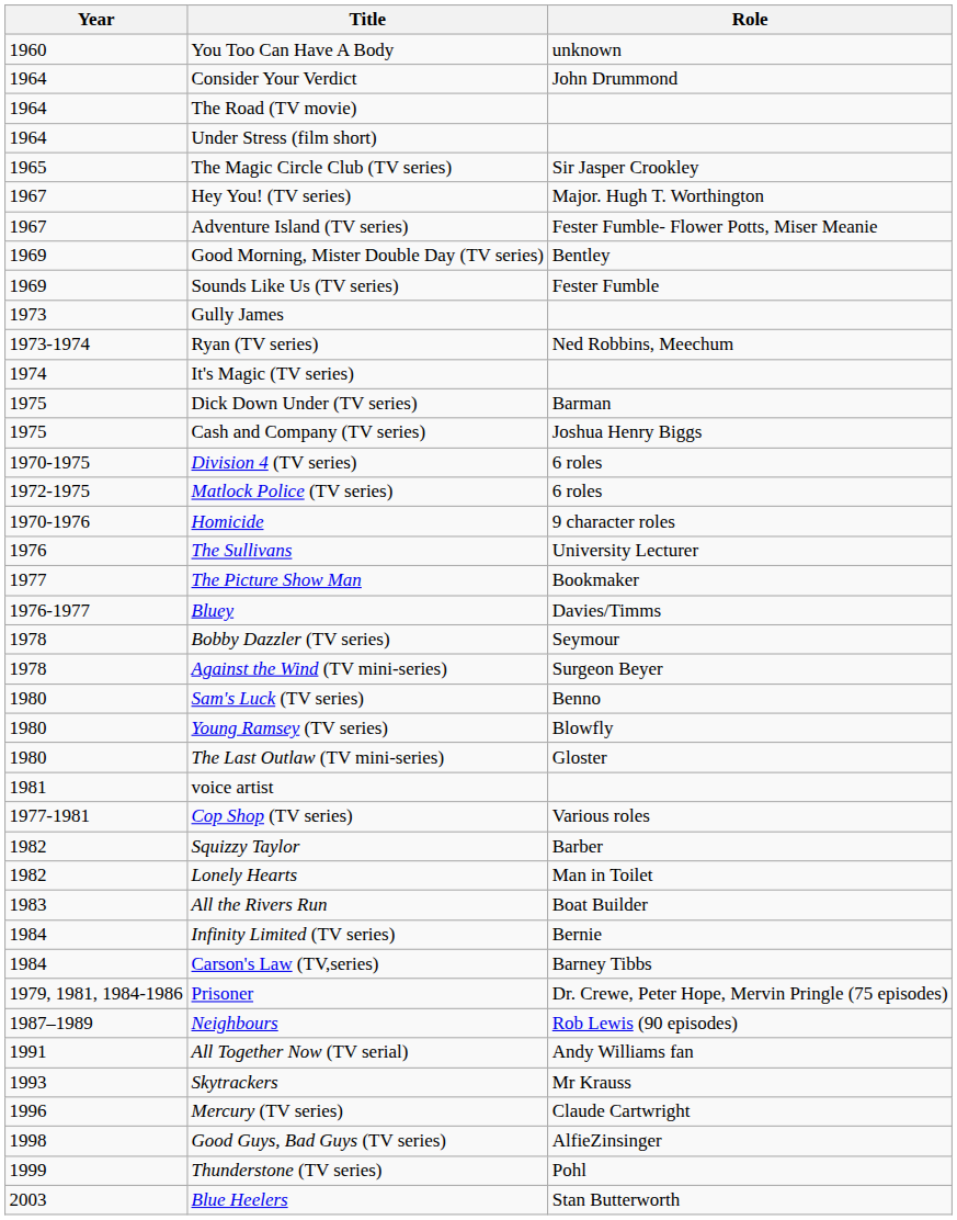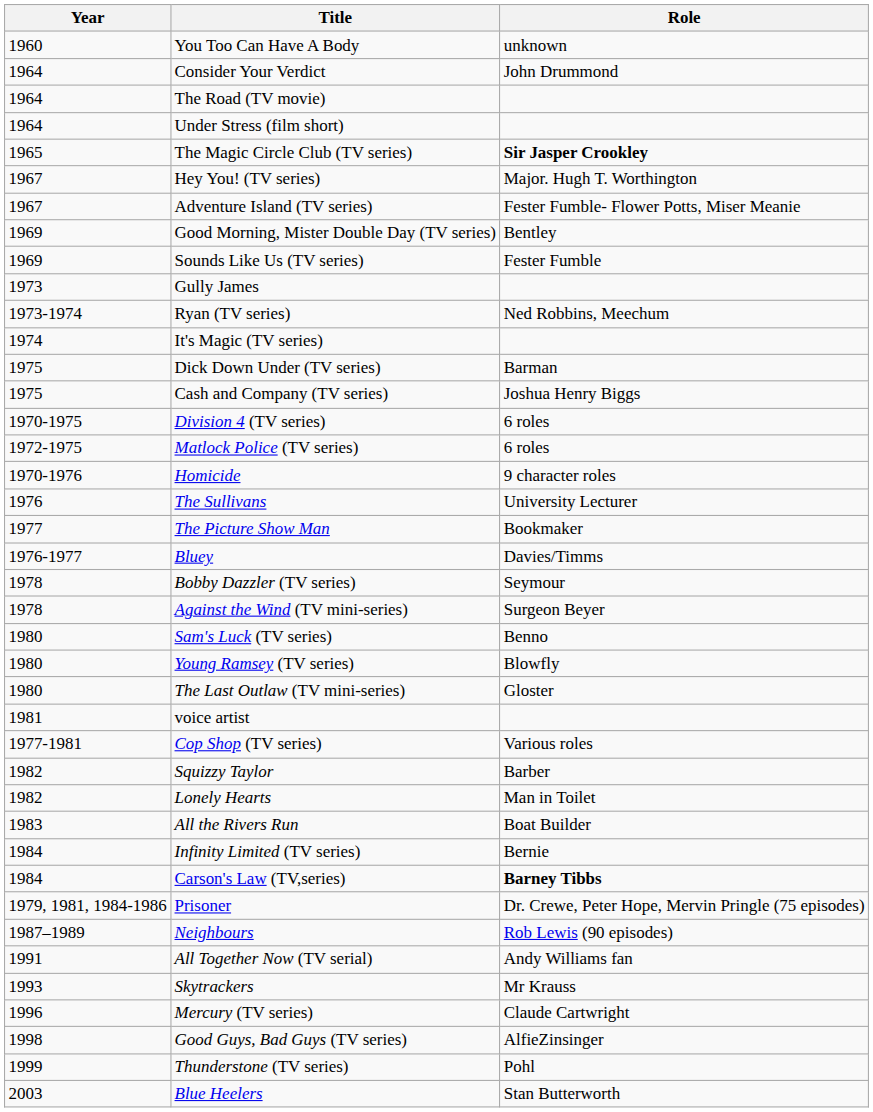 <table class="wikitable">
 <tr>
 <th>Year</th>
 <th>Title</th>
 <th>Role</th>
 </tr>
 <tr>
 <td>1960</td>
 <td>You Too Can Have A Body</td>
 <td>unknown</td>
 </tr>
 <tr>
 <td>1964</td>
 <td>Consider Your Verdict</td>
 <td>John Drummond</td>
 </tr>
 <tr>
 <td>1964</td>
 <td>The Road (TV movie)</td>
 <td></td>
 </tr>
 <tr>
 <td>1964</td>
 <td>Under Stress (film short)</td>
 <td></td>
 </tr>
 <tr>
 <td>1965</td>
 <td>The Magic Circle Club (TV series)</td>
-<td>Sir Jasper Crookley</td>
+<td><strong>Sir Jasper Crookley</strong></td>
 </tr>
 <tr>
 <td>1967</td>
 <td>Hey You! (TV series)</td>
 <td>Major. Hugh T. Worthington</td>
 </tr>
 <tr>
 <td>1967</td>
 <td>Adventure Island (TV series)</td>
 <td>Fester Fumble- Flower Potts, Miser Meanie</td>
 </tr>
 <tr>
 <td>1969</td>
 <td>Good Morning, Mister Double Day (TV series)</td>
 <td>Bentley</td>
 </tr>
 <tr>
 <td>1969</td>
 <td>Sounds Like Us (TV series)</td>
 <td>Fester Fumble</td>
 </tr>
 <tr>
 <td>1973</td>
 <td A Taste for Blue Ribbons  (TV series)>Gully James</td>
 </tr>
 <tr>
 <td>1973-1974</td>
 <td>Ryan (TV series)</td>
 <td>Ned Robbins, Meechum</td>
 </tr>
 <tr>
 <td>1974</td>
 <td>It's Magic (TV series)</td>
 <td></td>
 </tr>
 <tr>
 <td>1975</td>
 <td>Dick Down Under (TV series)</td>
 <td>Barman</td>
 </tr>
 <tr>
 <td>1975</td>
 <td>Cash and Company (TV series)</td>
 <td>Joshua Henry Biggs</td>
 </tr>
 <tr>
 <td>1970-1975</td>
 <td><em><a href='#'>Division  4</a></em> (TV series)</td>
 <td>6 roles </td>
 </tr>
 <tr>
 <td>1972-1975</td>
 <td><em><a href='#'>Matlock Police</a></em> (TV series)</td>
 <td>6 roles </td>
 </tr>
 <tr>
 <td>1970-1976</td>
 <td><em><a href='#'>Homicide</a></em></td>
 <td>9 character roles </td>
 </tr>
 <tr>
 <td>1976</td>
 <td><em><a href='#'>The Sullivans</a></em></td>
 <td>University Lecturer</td>
 </tr>
 <tr>
 <td>1977</td>
 <td><em><a href='#'>The Picture Show Man</a></em></td>
 <td>Bookmaker</td>
 </tr>
 <tr>
 <td>1976-1977</td>
 <td><em><a href='#'>Bluey</a></em></td>
 <td>Davies/Timms</td>
 </tr>
 <tr>
 <td>1978</td>
 <td><em>Bobby Dazzler</em> (TV series)</td>
 <td>Seymour</td>
 </tr>
 <tr>
 <td>1978</td>
 <td><em><a href='#'>Against the Wind</a></em> (TV mini-series)</td>
 <td>Surgeon Beyer</td>
 </tr>
 <tr>
 <td>1980</td>
 <td><em><a href='#'>Sam's Luck</a></em> (TV series)</td>
 <td>Benno</td>
 </tr>
 <tr>
 <td>1980</td>
 <td><em><a href='#'>Young Ramsey</a></em> (TV series)</td>
 <td>Blowfly</td>
 </tr>
 <tr>
 <td>1980</td>
 <td><em>The Last Outlaw</em> (TV mini-series)</td>
 <td>Gloster</td>
 </tr>
 <tr>
 <td>1981</td>
 <td>voice artist</td>
 </tr>
 <tr>
 <td>1977-1981</td>
 <td><em><a href='#'>Cop Shop</a></em> (TV series)</td>
 <td>Various roles</td>
 </tr>
 <tr>
 <td>1982</td>
 <td><em>Squizzy Taylor</em></td>
 <td>Barber</td>
 </tr>
 <tr>
 <td>1982</td>
 <td><em>Lonely Hearts</em></td>
 <td>Man in Toilet</td>
 </tr>
 <tr>
 <td>1983</td>
 <td><em>All the Rivers Run</em></td>
 <td>Boat Builder</td>
 </tr>
 <tr>
 <td>1984</td>
 <td><em>Infinity Limited</em> (TV series)</td>
 <td>Bernie</td>
 </tr>
 <tr>
 <td>1984</td>
 <td><a href='#'>Carson's Law</a> (TV,series)</td>
-<td>Barney Tibbs</td>
+<td><strong>Barney Tibbs</strong></td>
 </tr>
 <tr>
 <td>1979, 1981, 1984-1986</td>
 <td><a href='#'>Prisoner</a></td>
 <td>Dr. Crewe, Peter Hope, Mervin Pringle (75 episodes)</td>
 </tr>
 <tr>
 <td>1987–1989</td>
 <td><em><a href='#'>Neighbours</a></em></td>
 <td><a href='#'>Rob Lewis</a> (90 episodes)</td>
 </tr>
 <tr>
 <td>1991</td>
 <td><em>All Together Now</em> (TV serial)</td>
 <td>Andy Williams fan</td>
 </tr>
 <tr>
 <td>1993</td>
 <td><em>Skytrackers</em></td>
 <td>Mr Krauss</td>
 </tr>
 <tr>
 <td>1996</td>
 <td><em>Mercury</em> (TV series)</td>
 <td>Claude Cartwright</td>
 </tr>
 <tr>
 <td>1998</td>
 <td><em>Good Guys, Bad Guys</em> (TV series)</td>
 <td>AlfieZinsinger</td>
 </tr>
 <tr>
 <td>1999</td>
 <td><em>Thunderstone</em> (TV series)</td>
 <td>Pohl</td>
 </tr>
 <tr>
 <td>2003</td>
 <td><em><a href='#'>Blue Heelers</a></em></td>
 <td>Stan Butterworth</td>
 </tr>
 </table>
